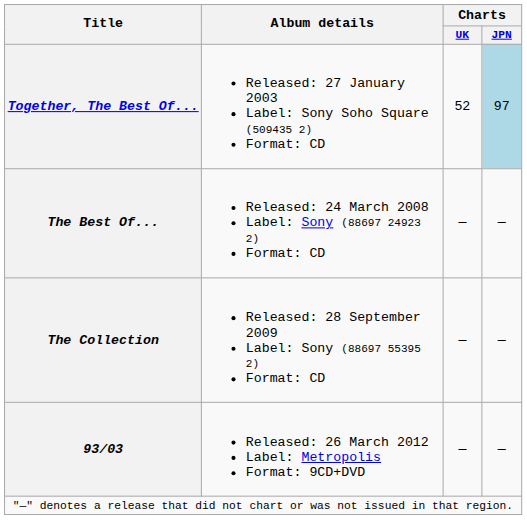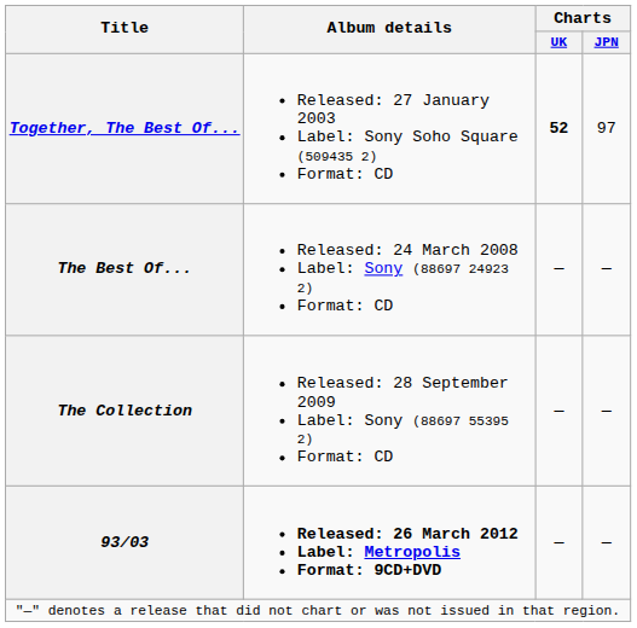 <table class="wikitable plainrowheaders">
 <tr>
 <th rowspan="2">Title</th>
 <th rowspan="2" width="230">Album details</th>
 <th colspan="2">Charts</th>
 </tr>
 <tr>
 <th style="width:3em;font-size:85%"><a href='#'>UK</a><br></th>
 <th style="width:3em;font-size:85%"><a href='#'>JPN</a><br></th>
 </tr>
 <tr>
 <th scope="row"><em><a href='#'>Together, The Best Of...</a></em></th>
 <td><br><ul><li>Released: 27 January 2003</li><li>Label: Sony Soho Square <small>(509435 2)</small></li><li>Format: CD</li></ul></td>
-<td align="center">52</td>
-<td align="center" style="background: lightblue;">97</td>
+<td align="center"><strong>52</strong></td>
+<td align="center">97</td>
 </tr>
 <tr>
 <th scope="row"><em>The Best Of...</em></th>
 <td><br><ul><li>Released: 24 March 2008</li><li>Label: <a href='#'>Sony</a> <small>(88697 24923 2)</small></li><li>Format: CD</li></ul></td>
 <td align="center">—</td>
 <td align="center">—</td>
 </tr>
 <tr>
 <th scope="row"><em>The Collection</em></th>
 <td><br><ul><li>Released: 28 September 2009</li><li>Label: Sony <small>(88697 55395 2)</small></li><li>Format: CD</li></ul></td>
 <td align="center">—</td>
 <td align="center">—</td>
 </tr>
 <tr>
 <th scope="row"><em>93/03</em></th>
-<td><br><ul><li>Released: 26 March 2012</li><li>Label: <a href='#'>Metropolis</a></li><li>Format: 9CD+DVD</li></ul></td>
+<td><strong><br><ul><li>Released: 26 March 2012</li><li>Label: <a href='#'>Metropolis</a></li><li>Format: 9CD+DVD</li></ul></strong></td>
 <td align="center">—</td>
 <td align="center">—</td>
 </tr>
 <tr>
 <td align="center" colspan="5" style="font-size: 85%">"—" denotes a release that did not chart or was not issued in that region.</td>
 </tr>
 </table>
